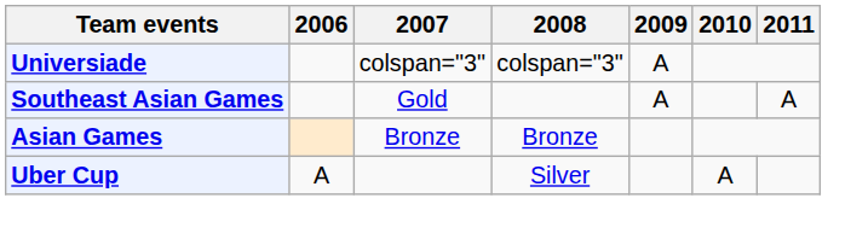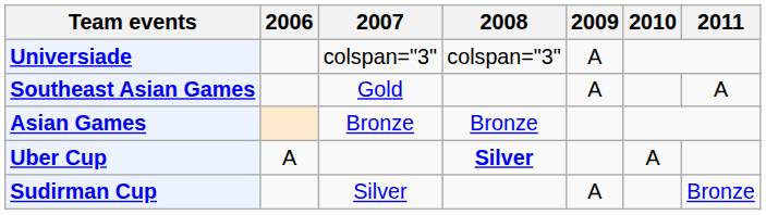 <table class="wikitable" style="font-size: 90%; text-align:center">
 <tr>
 <th>Team events</th>
 <th>2006</th>
 <th>2007</th>
 <th>2008</th>
 <th>2009</th>
 <th>2010</th>
 <th>2011</th>
 </tr>
 <tr>
 <td bgcolor="#ECF2FF"; align="left"><strong><a href='#'>Universiade</a></strong></td>
 <td></td>
 <td>colspan="3" </td>
 <td>colspan="3" </td>
 <td>A</td>
 </tr>
 <tr>
 <td bgcolor="#ECF2FF"; align="left"><strong><a href='#'>Southeast Asian Games</a></strong></td>
 <td></td>
 <td> <a href='#'>Gold</a></td>
 <td></td>
 <td>A</td>
 <td></td>
 <td>A</td>
 </tr>
 <tr>
 <td bgcolor="#ECF2FF"; align="left"><strong><a href='#'>Asian Games</a></strong></td>
 <td bgcolor=FFEBCD><a href='#'></a></td>
 <td> <a href='#'>Bronze</a></td>
 <td> <a href='#'>Bronze</a></td>
 <td></td>
 </tr>
 <tr>
 <td bgcolor="#ECF2FF"; align="left"><strong><a href='#'>Uber Cup</a></strong></td>
 <td>A</td>
 <td></td>
+<td><strong> <a href='#'>Silver</a></strong></td>
+<td></td>
+<td>A</td>
+<td></td>
+</tr>
+<tr>
+<td bgcolor="#ECF2FF"; align="left"><strong><a href='#'>Sudirman Cup</a></strong></td>
+<td></td>
 <td> <a href='#'>Silver</a></td>
 <td></td>
 <td>A</td>
 <td></td>
+<td> <a href='#'>Bronze</a></td>
 </tr>
 </table>
